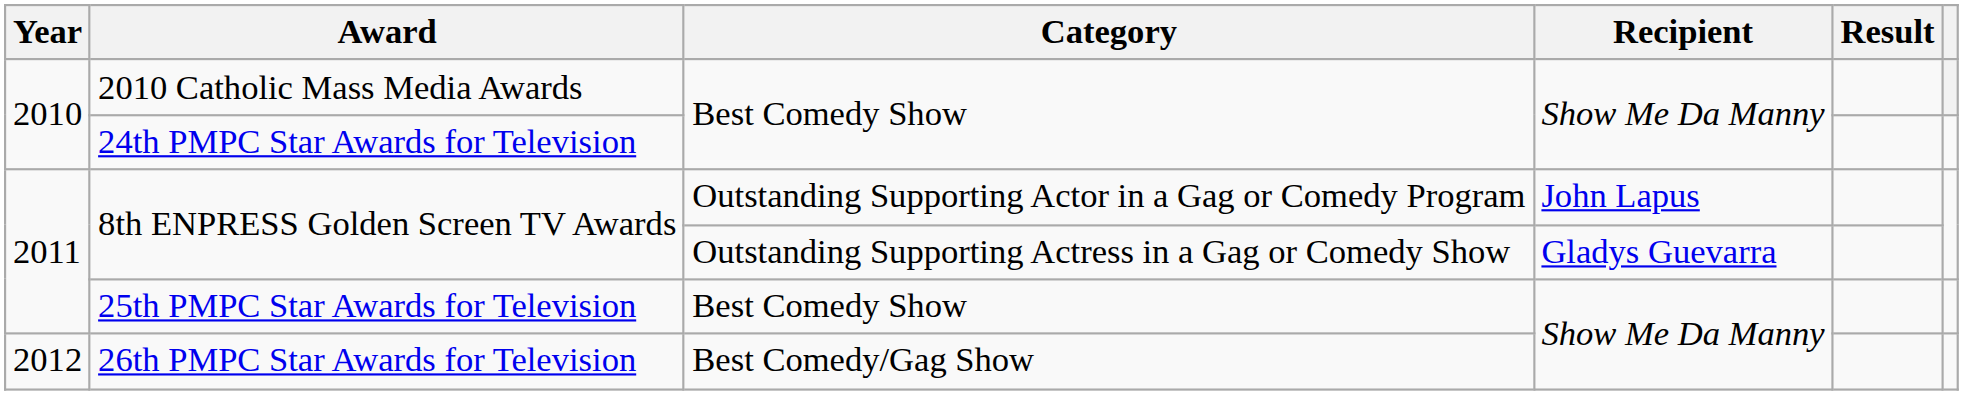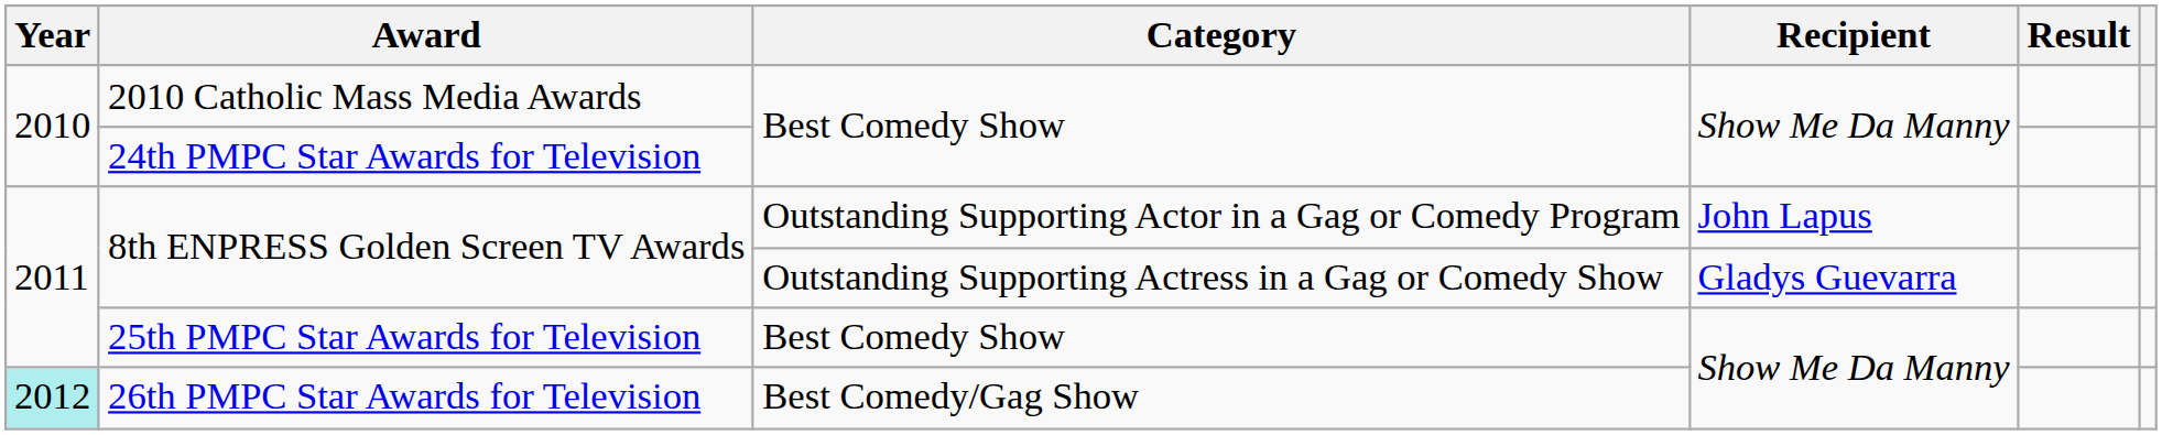 <table class="wikitable">
 <tr>
 <th>Year</th>
 <th>Award</th>
 <th>Category</th>
 <th>Recipient</th>
 <th>Result</th>
 <th></th>
 </tr>
 <tr>
 <td rowspan=2>2010</td>
 <td>2010 Catholic Mass Media Awards</td>
 <td rowspan=2>Best Comedy Show</td>
 <td rowspan=2><em>Show Me Da Manny</em></td>
 <td></td>
 <th></th>
 </tr>
 <tr>
 <td><a href='#'>24th PMPC Star Awards for Television</a></td>
 <td></td>
 <td></td>
 </tr>
 <tr>
 <td rowspan=3>2011</td>
 <td rowspan=2>8th ENPRESS Golden Screen TV Awards</td>
 <td>Outstanding Supporting Actor in a Gag or Comedy Program</td>
 <td><a href='#'>John Lapus</a></td>
 <td></td>
 <td rowspan=2></td>
 </tr>
 <tr>
 <td>Outstanding Supporting Actress in a Gag or Comedy Show</td>
 <td><a href='#'>Gladys Guevarra</a></td>
 <td></td>
 </tr>
 <tr>
 <td><a href='#'>25th PMPC Star Awards for Television</a></td>
 <td>Best Comedy Show</td>
 <td rowspan=2><em>Show Me Da Manny</em></td>
 <td></td>
 <td></td>
 </tr>
 <tr>
-<td>2012</td>
+<td style="background: paleturquoise;">2012</td>
 <td><a href='#'>26th PMPC Star Awards for Television</a></td>
 <td>Best Comedy/Gag Show</td>
 <td></td>
 <td></td>
 </tr>
 </table>
